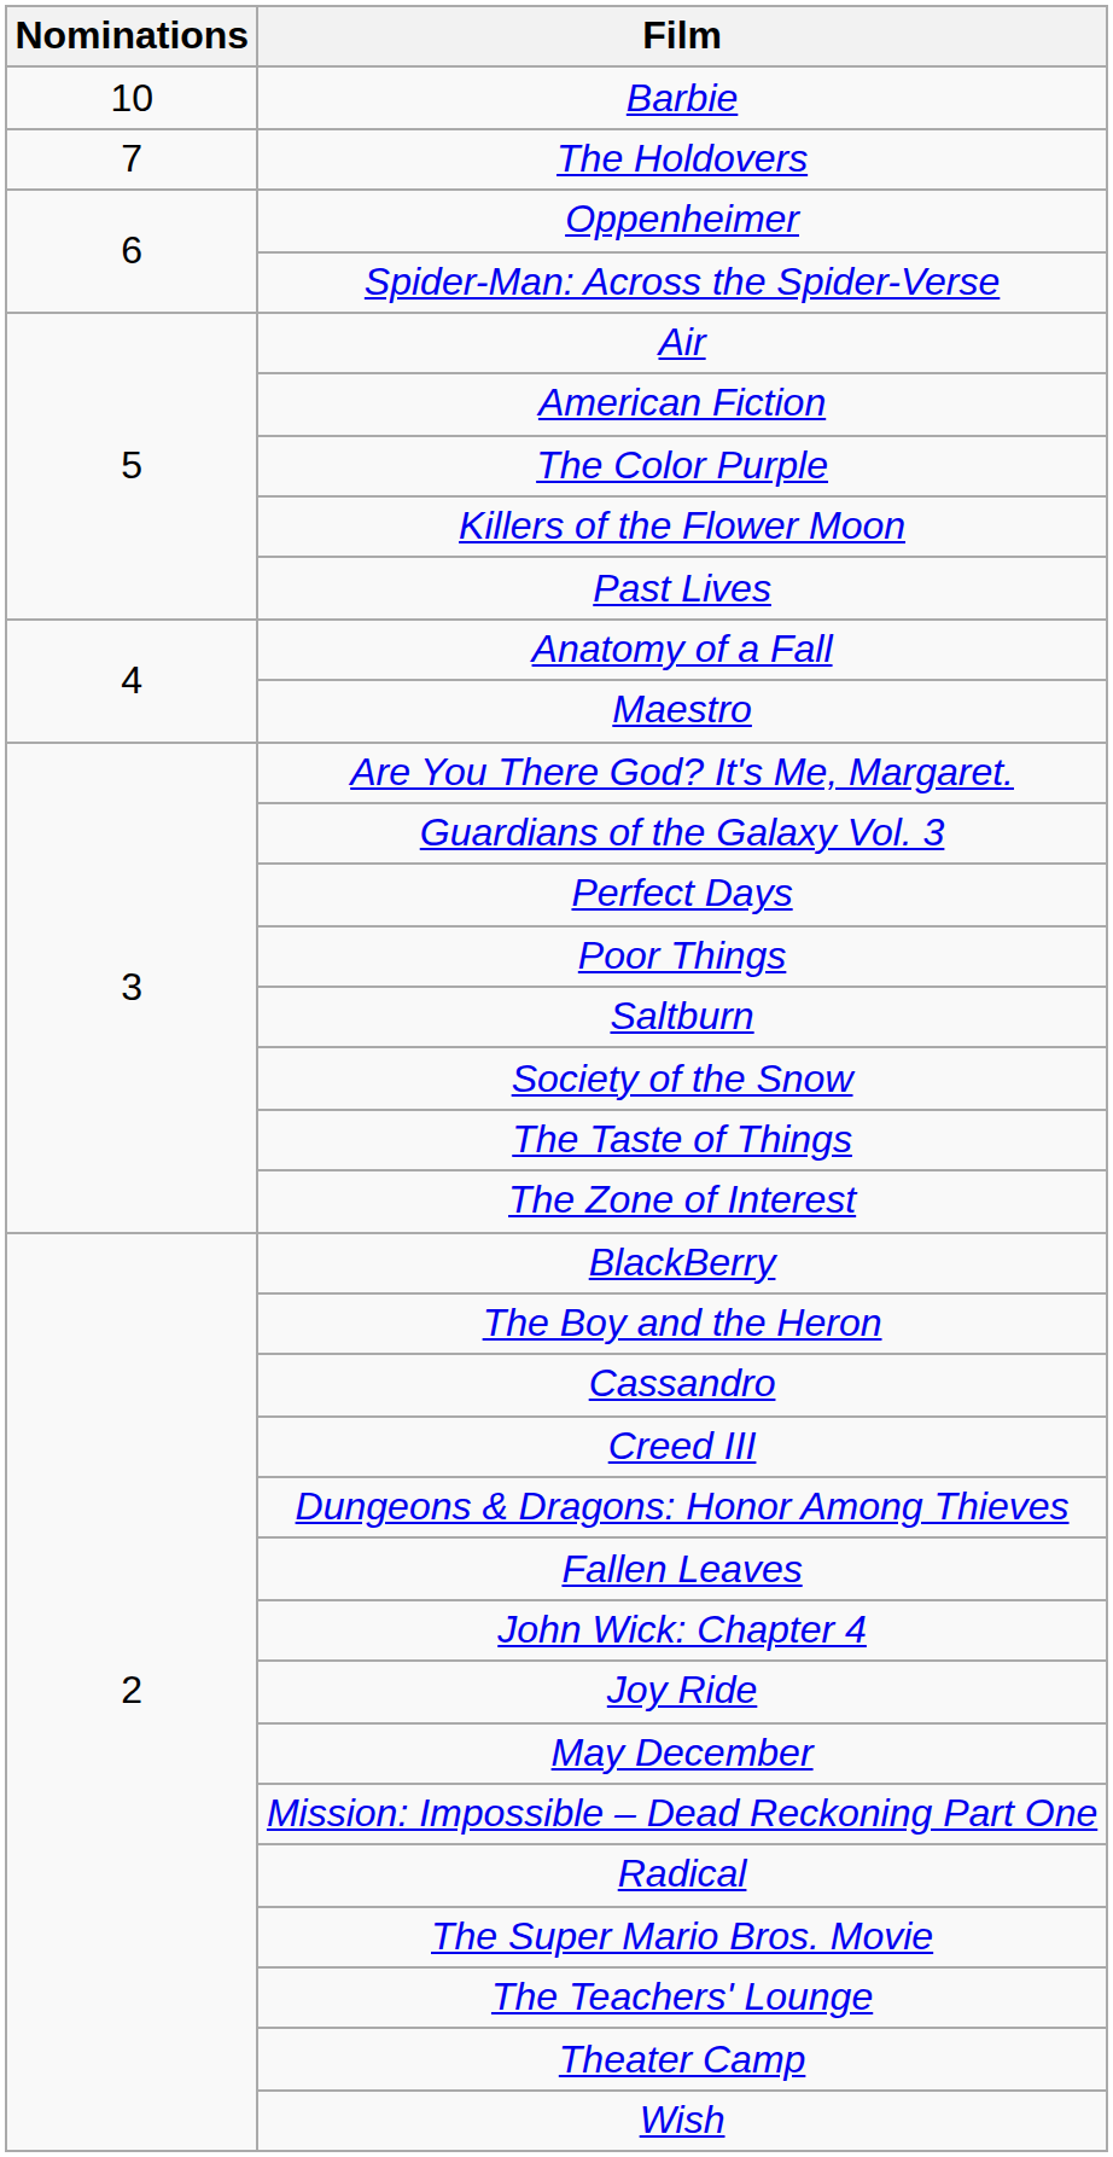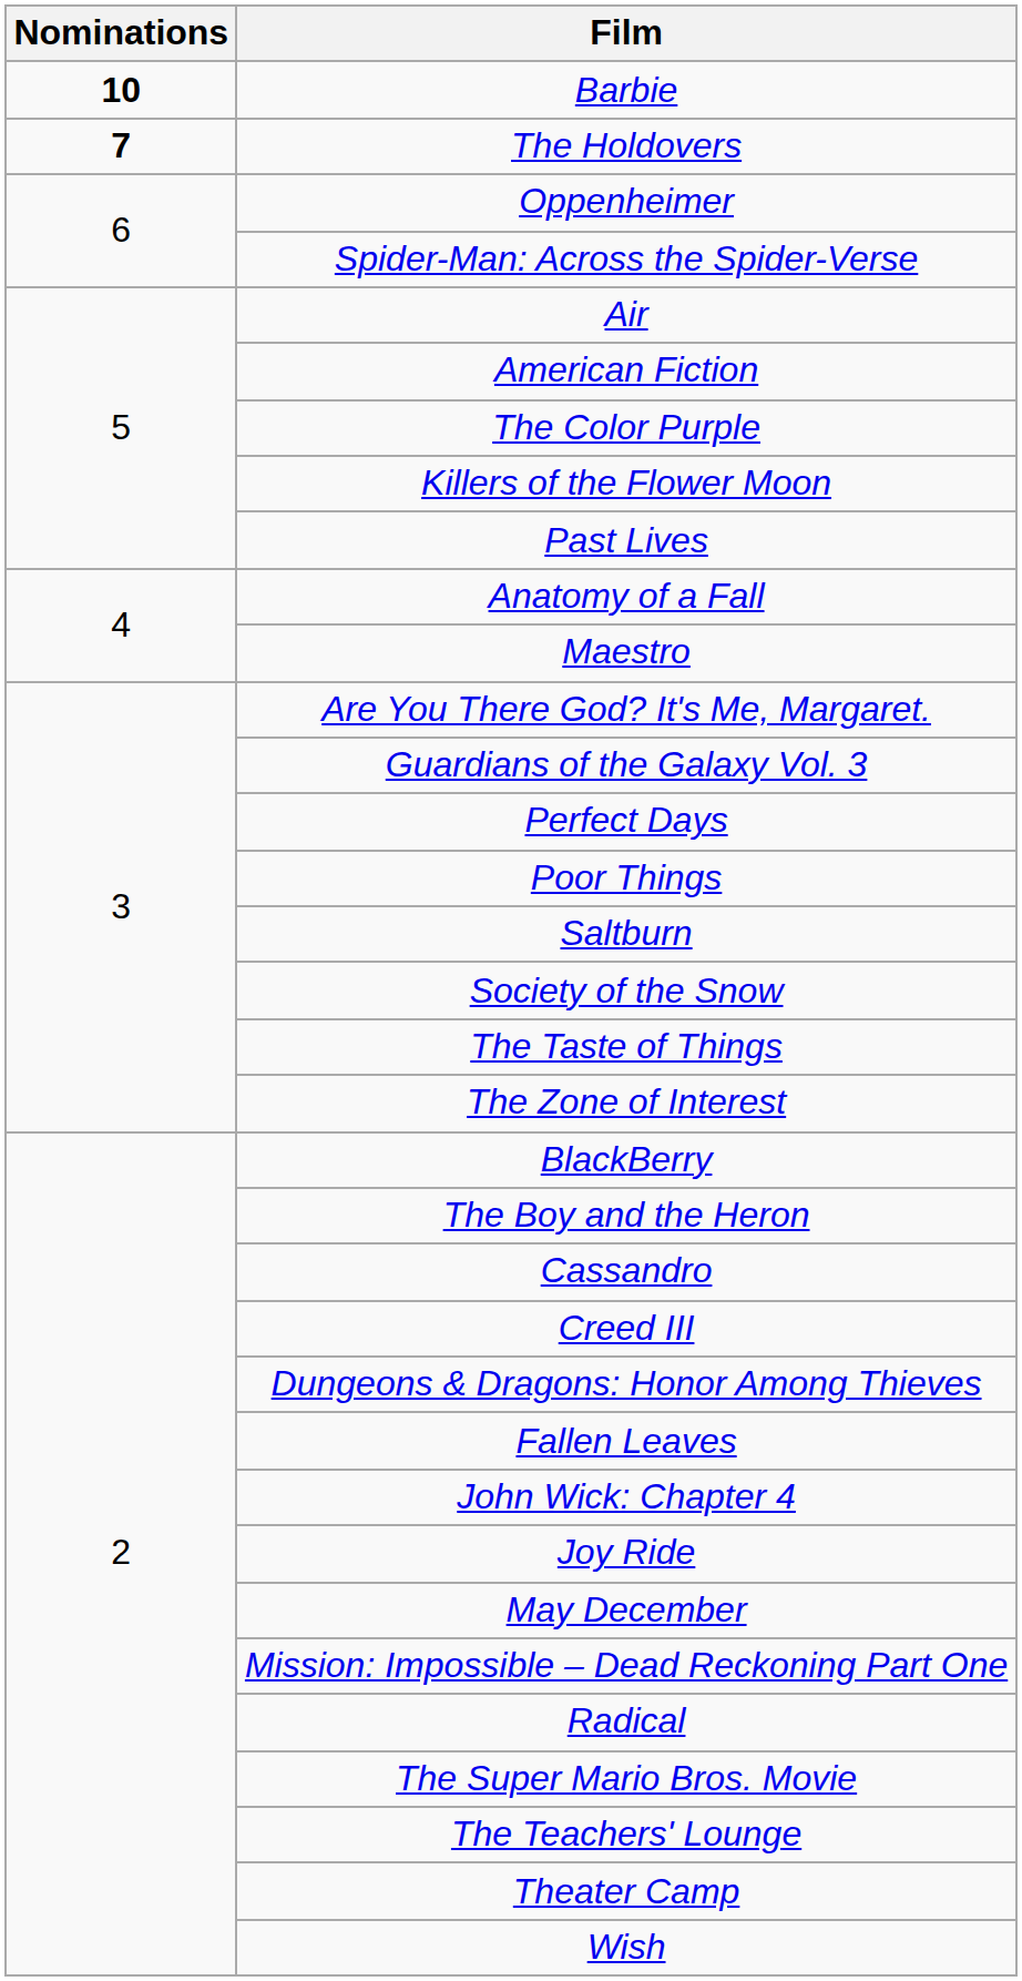 <table class="wikitable" rowspan="2" style="text-align:center" background: #f6e39c;>
 <tr>
 <th scope="col" style="width:55px;">Nominations</th>
 <th scope="col" style="text-align:center;">Film</th>
 </tr>
 <tr>
-<td style="text-align:center">10</td>
+<td style="text-align:center"><strong>10</strong></td>
 <td><em><a href='#'>Barbie</a></em></td>
 </tr>
 <tr>
-<td style="text-align:center">7</td>
+<td style="text-align:center"><strong>7</strong></td>
 <td><em><a href='#'>The Holdovers</a></em></td>
 </tr>
 <tr>
 <td rowspan="2" style="text-align:center">6</td>
 <td><em><a href='#'>Oppenheimer</a></em></td>
 </tr>
 <tr>
 <td><em><a href='#'>Spider-Man: Across the Spider-Verse</a></em></td>
 </tr>
 <tr>
 <td rowspan="5" style="text-align:center">5</td>
 <td><em><a href='#'>Air</a></em></td>
 </tr>
 <tr>
 <td><em><a href='#'>American Fiction</a></em></td>
 </tr>
 <tr>
 <td><em><a href='#'>The Color Purple</a></em></td>
 </tr>
 <tr>
 <td><em><a href='#'>Killers of the Flower Moon</a></em></td>
 </tr>
 <tr>
 <td><em><a href='#'>Past Lives</a></em></td>
 </tr>
 <tr>
 <td rowspan="2" style="text-align:center">4</td>
 <td><em><a href='#'>Anatomy of a Fall</a></em></td>
 </tr>
 <tr>
 <td><em><a href='#'>Maestro</a></em></td>
 </tr>
 <tr>
 <td rowspan="8" style="text-align:center">3</td>
 <td><em><a href='#'>Are You There God? It's Me, Margaret.</a></em></td>
 </tr>
 <tr>
 <td><em><a href='#'>Guardians of the Galaxy Vol. 3</a></em></td>
 </tr>
 <tr>
 <td><em><a href='#'>Perfect Days</a></em></td>
 </tr>
 <tr>
 <td><em><a href='#'>Poor Things</a></em></td>
 </tr>
 <tr>
 <td><em><a href='#'>Saltburn</a></em></td>
 </tr>
 <tr>
 <td><em><a href='#'>Society of the Snow</a></em></td>
 </tr>
 <tr>
 <td><em><a href='#'>The Taste of Things</a></em></td>
 </tr>
 <tr>
 <td><em><a href='#'>The Zone of Interest</a></em></td>
 </tr>
 <tr>
 <td rowspan="15" style="text-align:center">2</td>
 <td><em><a href='#'>BlackBerry</a></em></td>
 </tr>
 <tr>
 <td><em><a href='#'>The Boy and the Heron</a></em></td>
 </tr>
 <tr>
 <td><em><a href='#'>Cassandro</a></em></td>
 </tr>
 <tr>
 <td><em><a href='#'>Creed III</a></em></td>
 </tr>
 <tr>
 <td><em><a href='#'>Dungeons & Dragons: Honor Among Thieves</a></em></td>
 </tr>
 <tr>
 <td><em><a href='#'>Fallen Leaves</a></em></td>
 </tr>
 <tr>
 <td><em><a href='#'>John Wick: Chapter 4</a></em></td>
 </tr>
 <tr>
 <td><em><a href='#'>Joy Ride</a></em></td>
 </tr>
 <tr>
 <td><em><a href='#'>May December</a></em></td>
 </tr>
 <tr>
 <td><em><a href='#'>Mission: Impossible – Dead Reckoning Part One</a></em></td>
 </tr>
 <tr>
 <td><em><a href='#'>Radical</a></em></td>
 </tr>
 <tr>
 <td><em><a href='#'>The Super Mario Bros. Movie</a></em></td>
 </tr>
 <tr>
 <td><em><a href='#'>The Teachers' Lounge</a></em></td>
 </tr>
 <tr>
 <td><em><a href='#'>Theater Camp</a></em></td>
 </tr>
 <tr>
 <td><em><a href='#'>Wish</a></em></td>
 </tr>
 </table>
